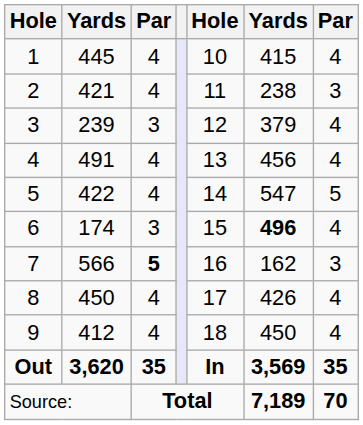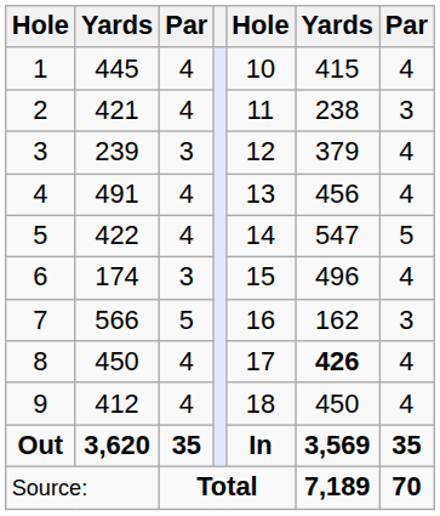 <table class="wikitable" style="text-align:center; font-size:100%">
 <tr>
 <th>Hole</th>
 <th>Yards</th>
 <th>Par</th>
 <th></th>
 <th>Hole</th>
 <th>Yards</th>
 <th>Par</th>
 </tr>
 <tr>
 <td>1</td>
 <td>445</td>
 <td>4</td>
 <td rowspan=10 style="background:#E6E8FA;"></td>
 <td>10</td>
 <td>415</td>
 <td>4</td>
 </tr>
 <tr>
 <td>2</td>
 <td>421</td>
 <td>4</td>
 <td>11</td>
 <td>238</td>
 <td>3</td>
 </tr>
 <tr>
 <td>3</td>
 <td>239</td>
 <td>3</td>
 <td>12</td>
 <td>379</td>
 <td>4</td>
 </tr>
 <tr>
 <td>4</td>
 <td>491</td>
 <td>4</td>
 <td>13</td>
 <td>456</td>
 <td>4</td>
 </tr>
 <tr>
 <td>5</td>
 <td>422</td>
 <td>4</td>
 <td>14</td>
 <td>547</td>
 <td>5</td>
 </tr>
 <tr>
 <td>6</td>
 <td>174</td>
 <td>3</td>
 <td>15</td>
-<td><strong>496</strong></td>
+<td>496</td>
 <td>4</td>
 </tr>
 <tr>
 <td>7</td>
 <td>566</td>
-<td><strong>5</strong></td>
+<td>5</td>
 <td>16</td>
 <td>162</td>
 <td>3</td>
 </tr>
 <tr>
 <td>8</td>
 <td>450</td>
 <td>4</td>
 <td>17</td>
-<td>426</td>
+<td><strong>426</strong></td>
 <td>4</td>
 </tr>
 <tr>
 <td>9</td>
 <td>412</td>
 <td>4</td>
 <td>18</td>
 <td>450</td>
 <td>4</td>
 </tr>
 <tr>
 <td><strong>Out</strong></td>
 <td><strong>3,620</strong></td>
 <td><strong>35</strong></td>
 <td><strong>In</strong></td>
 <td><strong>3,569</strong></td>
 <td><strong>35</strong></td>
 </tr>
 <tr>
 <td colspan=2 align=left><small>Source:</small></td>
 <td colspan=3><strong>Total</strong></td>
 <td><strong>7,189</strong></td>
 <td><strong>70</strong></td>
 </tr>
 </table>
